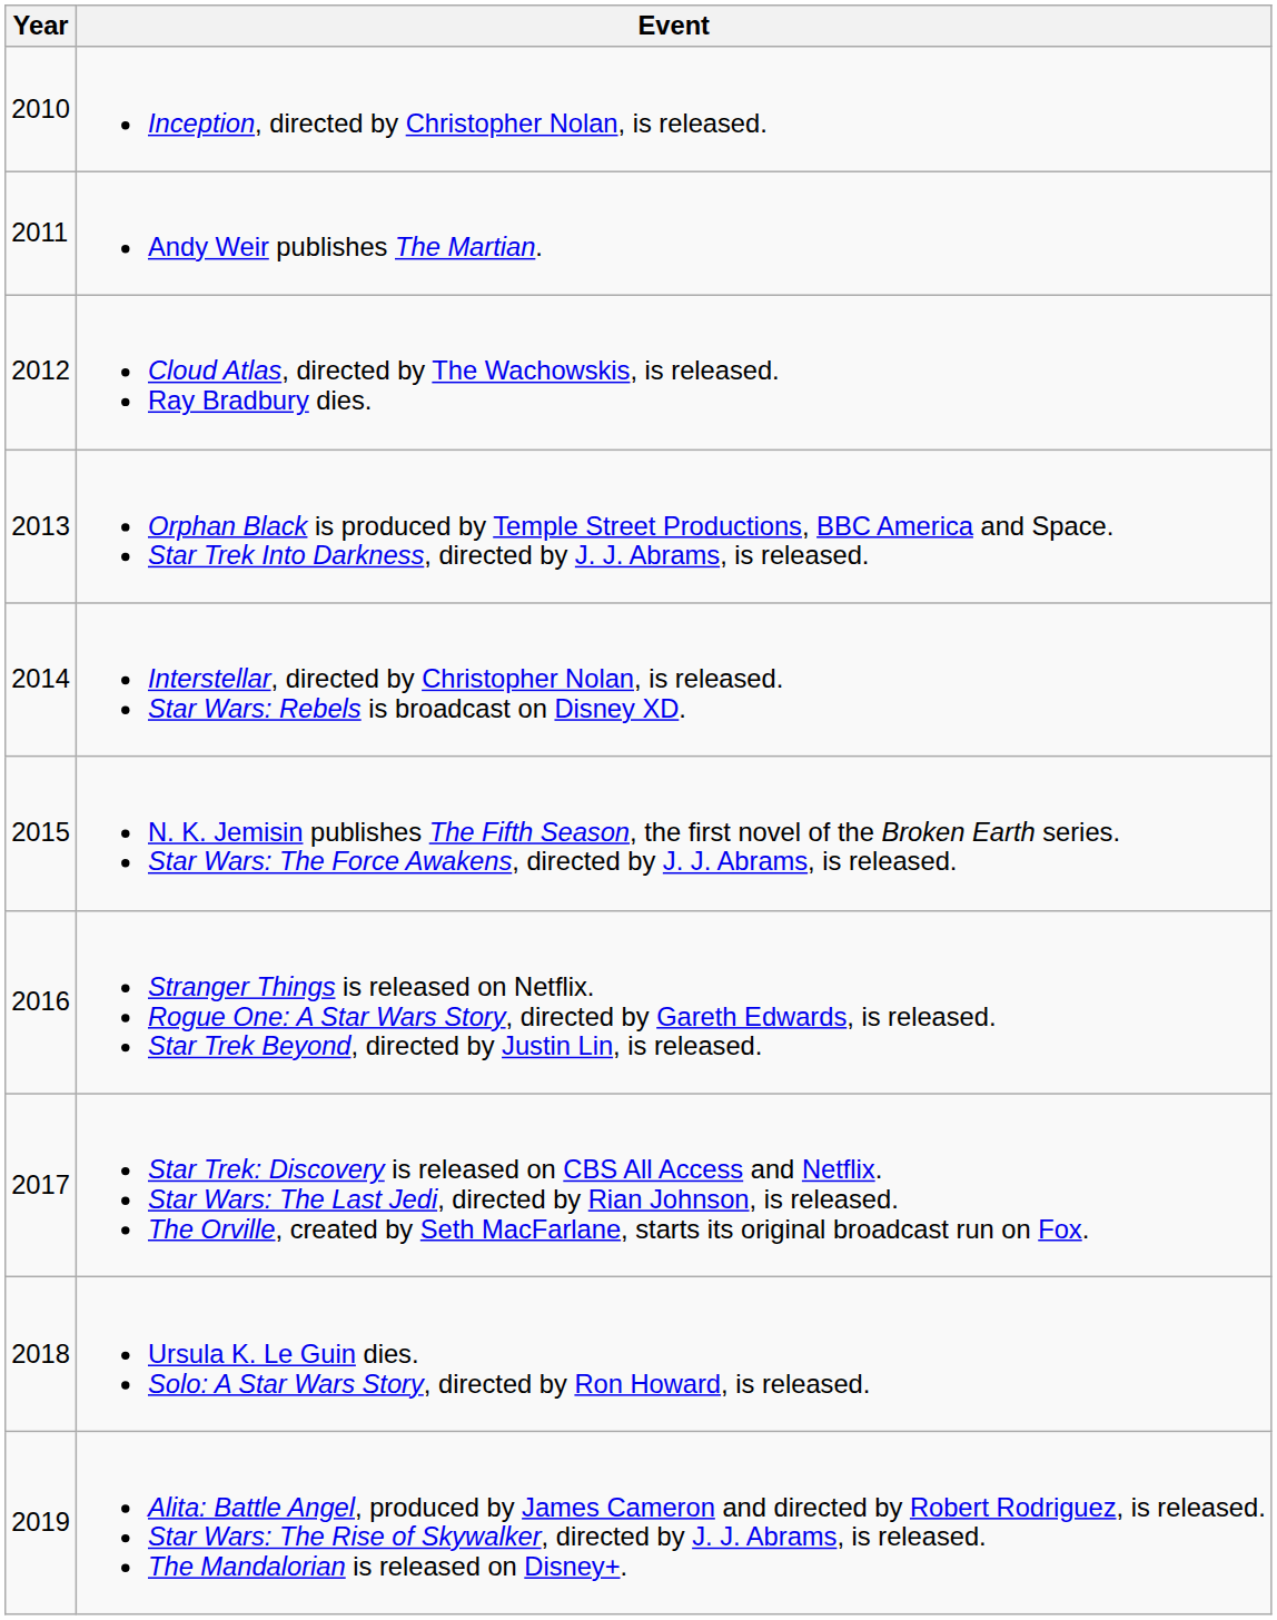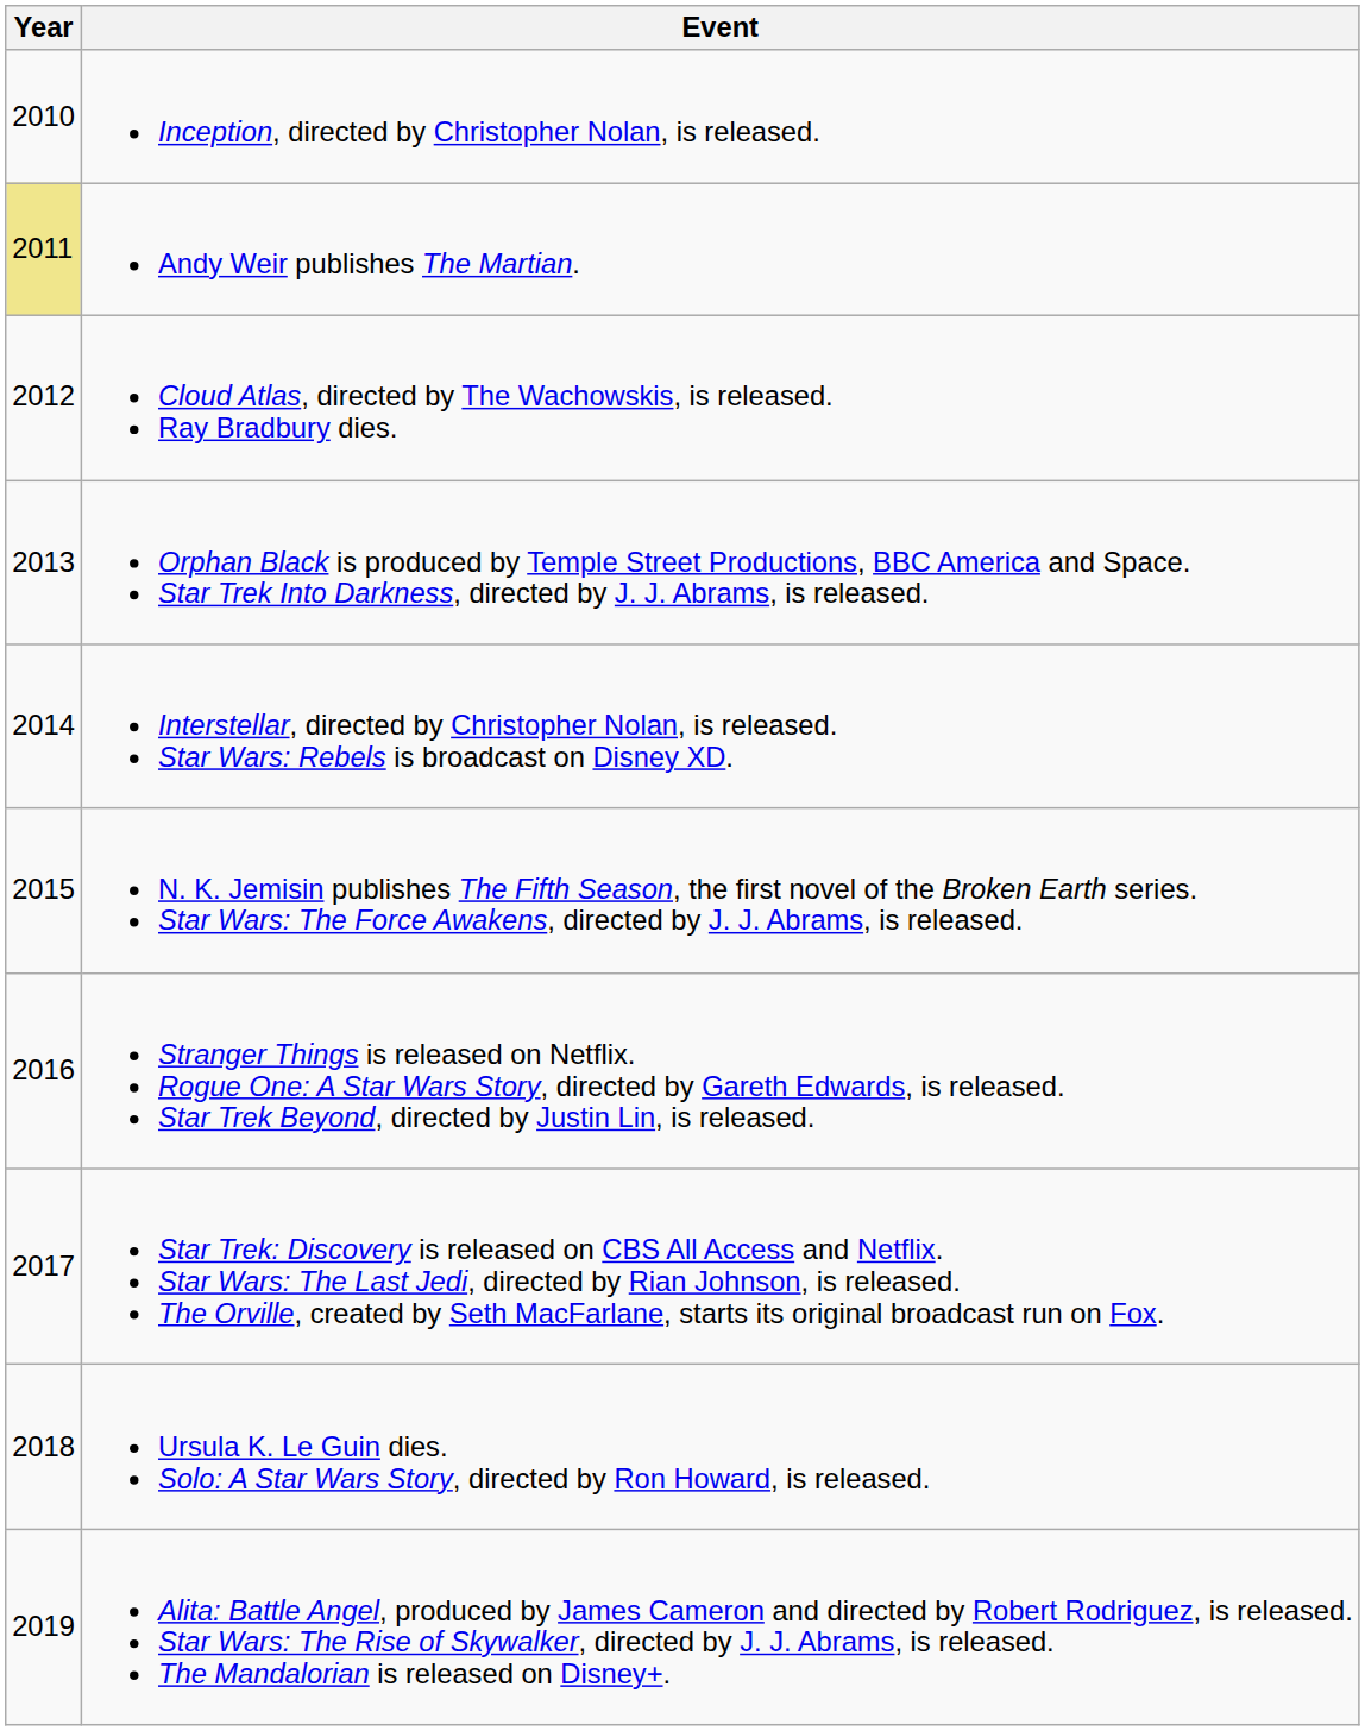 <table class="wikitable">
 <tr>
 <th scope="col">Year</th>
 <th scope="col">Event</th>
 </tr>
 <tr>
 <td>2010</td>
 <td><br><ul><li><em><a href='#'>Inception</a></em>, directed by <a href='#'>Christopher Nolan</a>, is released.</li></ul></td>
 </tr>
 <tr>
-<td>2011</td>
+<td style="background: khaki;">2011</td>
 <td><br><ul><li><a href='#'>Andy Weir</a> publishes <em><a href='#'>The Martian</a></em>.</li></ul></td>
 </tr>
 <tr>
 <td>2012</td>
 <td><br><ul><li><em><a href='#'>Cloud Atlas</a></em>, directed by <a href='#'>The Wachowskis</a>, is released.</li><li><a href='#'>Ray Bradbury</a> dies.</li></ul></td>
 </tr>
 <tr>
 <td>2013</td>
 <td><br><ul><li><em><a href='#'>Orphan Black</a></em> is produced by <a href='#'>Temple Street Productions</a>, <a href='#'>BBC America</a> and Space.</li><li><em><a href='#'>Star Trek Into Darkness</a></em>, directed by <a href='#'>J. J. Abrams</a>, is released.</li></ul></td>
 </tr>
 <tr>
 <td>2014</td>
 <td><br><ul><li><em><a href='#'>Interstellar</a></em>, directed by <a href='#'>Christopher Nolan</a>, is released.</li><li><em><a href='#'>Star Wars: Rebels</a></em> is broadcast on <a href='#'>Disney XD</a>.</li></ul></td>
 </tr>
 <tr>
 <td>2015</td>
 <td><br><ul><li><a href='#'>N. K. Jemisin</a> publishes <em><a href='#'>The Fifth Season</a></em>, the first novel of the <em>Broken Earth</em> series.</li><li><em><a href='#'>Star Wars: The Force Awakens</a></em>, directed by <a href='#'>J. J. Abrams</a>, is released.</li></ul></td>
 </tr>
 <tr>
 <td>2016</td>
 <td><br><ul><li><em><a href='#'>Stranger Things</a></em> is released on Netflix.</li><li><em><a href='#'>Rogue One: A Star Wars Story</a></em>, directed by <a href='#'>Gareth Edwards</a>, is released.</li><li><em><a href='#'>Star Trek Beyond</a></em>, directed by <a href='#'>Justin Lin</a>, is released.</li></ul></td>
 </tr>
 <tr>
 <td>2017</td>
 <td><br><ul><li><em><a href='#'>Star Trek: Discovery</a></em> is released on <a href='#'>CBS All Access</a> and <a href='#'>Netflix</a>.</li><li><em><a href='#'>Star Wars: The Last Jedi</a></em>, directed by <a href='#'>Rian Johnson</a>, is released.</li><li><em><a href='#'>The Orville</a></em>, created by <a href='#'>Seth MacFarlane</a>, starts its original broadcast run on <a href='#'>Fox</a>.</li></ul></td>
 </tr>
 <tr>
 <td>2018</td>
 <td><br><ul><li><a href='#'>Ursula K. Le Guin</a> dies.</li><li><em><a href='#'>Solo: A Star Wars Story</a></em>, directed by <a href='#'>Ron Howard</a>, is released.</li></ul></td>
 </tr>
 <tr>
 <td>2019</td>
 <td><br><ul><li><em><a href='#'>Alita: Battle Angel</a></em>, produced by <a href='#'>James Cameron</a> and directed by <a href='#'>Robert Rodriguez</a>, is released.</li><li><em><a href='#'>Star Wars: The Rise of Skywalker</a></em>, directed by <a href='#'>J. J. Abrams</a>, is released.</li><li><em><a href='#'>The Mandalorian</a></em> is released on <a href='#'>Disney+</a>.</li></ul></td>
 </tr>
 </table>
